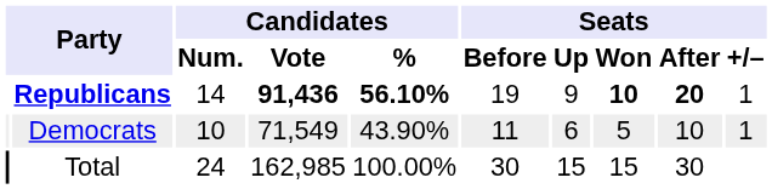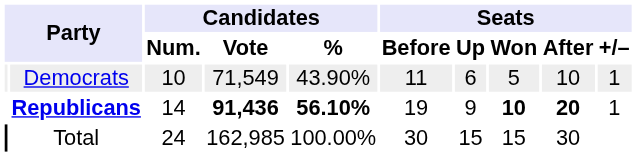 <table class="toccolours sortable" style="text-align:center;">
 <tr style="background:lavender">
 <th rowspan="2" colspan="2">Party</th>
 <th colspan=3>Candidates</th>
 <th colspan=5>Seats</th>
 </tr>
 <tr>
 <th align="center">Num.</th>
 <th align="center">Vote</th>
 <th align="center">%</th>
 <th align="center">Before</th>
 <th align="center">Up</th>
 <th align="center">Won</th>
 <th align="center">After</th>
 <th>+/–</th>
 </tr>
+<tr style="background:#EEEEEE;">
+<th style="background-color:"></th>
+<td><a href='#'>Democrats</a></td>
+<td>10</td>
+<td>71,549</td>
+<td>43.90%</td>
+<td>11</td>
+<td>6</td>
+<td>5</td>
+<td>10</td>
+<td> 1</td>
+</tr>
 <tr>
 <th style="background-color:"></th>
 <td><strong><a href='#'>Republicans</a></strong></td>
 <td>14</td>
 <td><strong>91,436</strong></td>
 <td><strong>56.10%</strong></td>
 <td>19</td>
 <td>9</td>
 <td><strong>10</strong></td>
 <td><strong>20</strong></td>
-<td> 1</td>
-</tr>
-<tr style="background:#EEEEEE;">
-<th style="background-color:"></th>
-<td><a href='#'>Democrats</a></td>
-<td>10</td>
-<td>71,549</td>
-<td>43.90%</td>
-<td>11</td>
-<td>6</td>
-<td>5</td>
-<td>10</td>
 <td> 1</td>
 </tr>
 <tr>
 <th style="background-color:#000000"></th>
 <td>Total</td>
 <td>24</td>
 <td>162,985</td>
 <td>100.00%</td>
 <td>30</td>
 <td>15</td>
 <td>15</td>
 <td>30</td>
 <td></td>
 </tr>
 <tr>
 </tr>
 </table>
